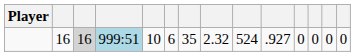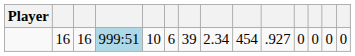 <table class="wikitable sortable" style="text-align:center;">
 <tr>
 <th>Player</th>
 <th></th>
 <th></th>
 <th></th>
 <th></th>
 <th></th>
 <th></th>
 <th></th>
 <th></th>
 <th></th>
 <th></th>
 <th></th>
 <th></th>
 <th></th>
 </tr>
 <tr>
 <td style="text-align:left;"></td>
 <td>16</td>
-<td style="background: lightgrey;">16</td>
+<td>16</td>
 <td style="background: lightblue;">999:51</td>
 <td>10</td>
 <td>6</td>
-<td>35</td>
-<td>2.32</td>
-<td>524</td>
+<td>39</td>
+<td>2.34</td>
+<td>454</td>
 <td>.927</td>
 <td>0</td>
 <td>0</td>
 <td>0</td>
 <td>0</td>
 </tr>
 </table>
